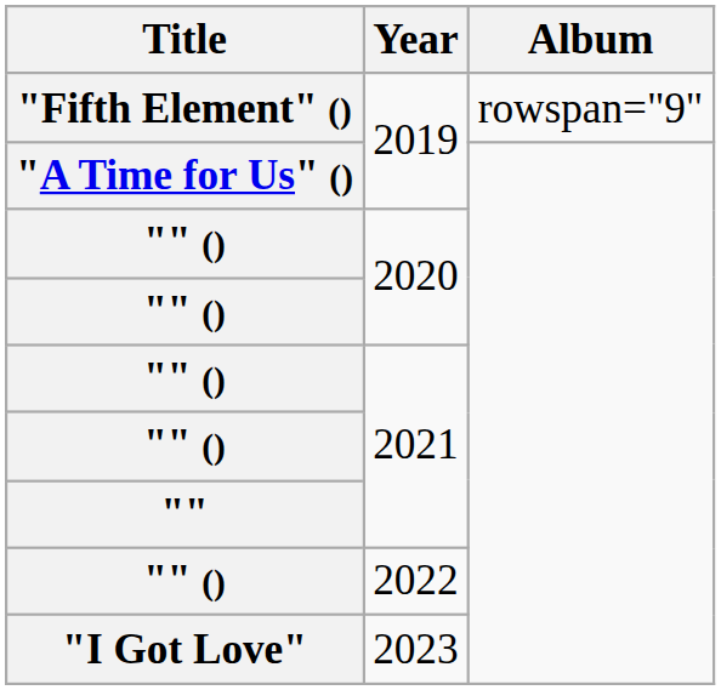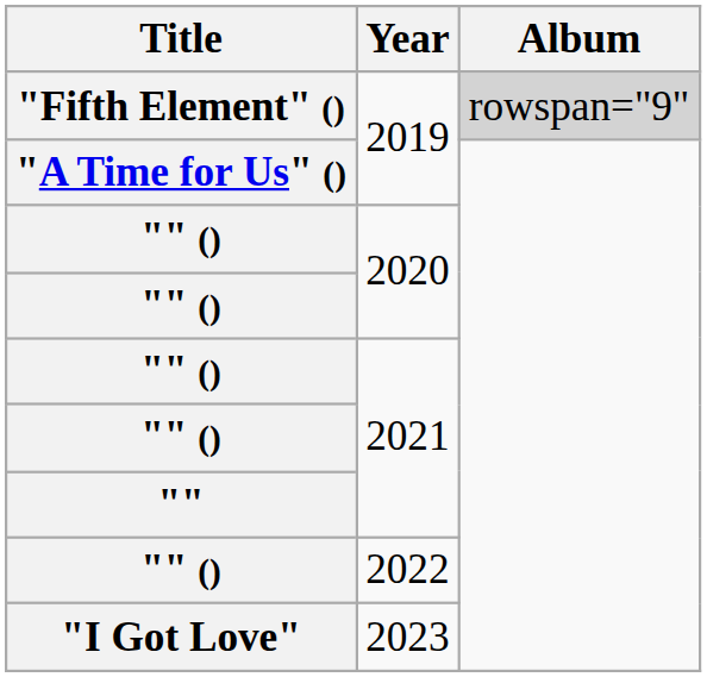 <table class="wikitable plainrowheaders" style="text-align:left;">
 <tr>
 <th scope="col">Title</th>
 <th scope="col">Year</th>
 <th scope="col">Album</th>
 </tr>
 <tr>
 <th scope="row">"Fifth Element" <small>()</small></th>
 <td rowspan="2">2019</td>
-<td>rowspan="9" </td>
+<td style="background: lightgrey;">rowspan="9" </td>
 </tr>
 <tr>
 <th scope="row">"<a href='#'>A Time for Us</a>" <small>()</small></th>
 </tr>
 <tr>
 <th scope="row">"" <small>()</small></th>
 <td rowspan="2">2020</td>
 </tr>
 <tr>
 <th scope="row">"" <small>()</small></th>
 </tr>
 <tr>
 <th scope="row">"" <small>()</small></th>
 <td rowspan="3">2021</td>
 </tr>
 <tr>
 <th scope="row">"" <small>()</small></th>
 </tr>
 <tr>
 <th scope="row">""</th>
 </tr>
 <tr>
 <th scope="row">"" <small>()</small></th>
 <td>2022</td>
 </tr>
 <tr>
 <th scope="row">"I Got Love"</th>
 <td>2023</td>
 </tr>
 </table>
